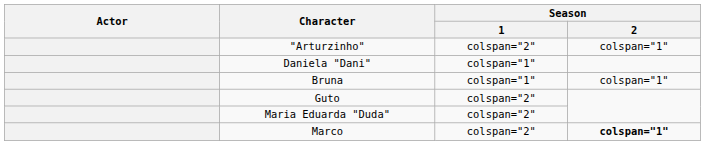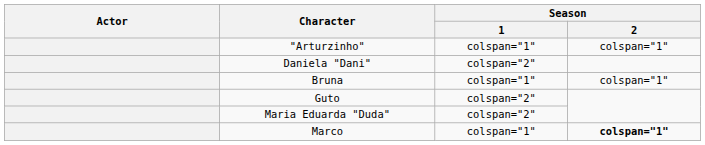 <table class="wikitable plainrowheaders" style="text-align:center">
 <tr>
 <th rowspan="2" width="14%" scope="col">Actor</th>
 <th rowspan="2" width="14%" scope="col">Character</th>
 <th colspan="4">Season</th>
 </tr>
 <tr>
 <th width="7%" scope="col">1</th>
 <th width="7%" scope="col">2</th>
 </tr>
 <tr>
 <th scope="row"></th>
 <td>"Arturzinho"</td>
-<td>colspan="2" </td>
+<td>colspan="1" </td>
 <td>colspan="1" </td>
 </tr>
 <tr>
 <th scope="row"></th>
 <td>Daniela "Dani"</td>
-<td>colspan="1" </td>
+<td>colspan="2" </td>
 </tr>
 <tr>
 <th scope="row"></th>
 <td>Bruna</td>
 <td>colspan="1" </td>
 <td>colspan="1" </td>
 </tr>
 <tr>
 <th scope="row"></th>
 <td>Guto</td>
 <td>colspan="2" </td>
 </tr>
 <tr>
 <th scope="row"></th>
 <td>Maria Eduarda "Duda"</td>
 <td>colspan="2" </td>
 </tr>
 <tr>
 <th scope="row"></th>
 <td>Marco</td>
-<td>colspan="2" </td>
+<td>colspan="1" </td>
 <td><strong>colspan="1" </strong></td>
 </tr>
 </table>
